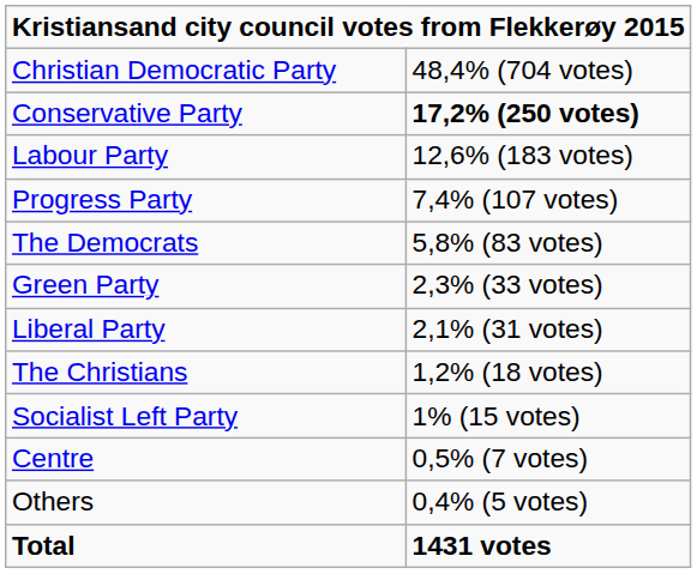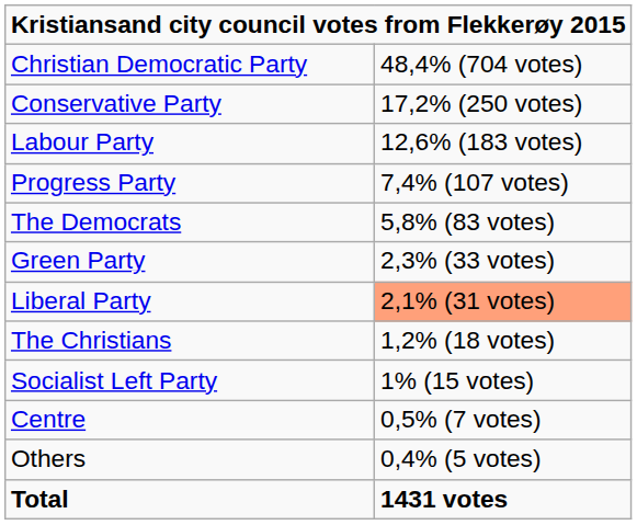 <table class="wikitable" style="center;">
 <tr>
 <td colspan="2"><strong>Kristiansand city council votes from Flekkerøy 2015</strong></td>
 </tr>
 <tr>
 <td><a href='#'>Christian Democratic Party</a></td>
 <td>48,4% (704 votes)</td>
 </tr>
 <tr>
 <td><a href='#'>Conservative Party</a></td>
-<td><strong>17,2% (250 votes)</strong></td>
+<td>17,2% (250 votes)</td>
 </tr>
 <tr>
 <td><a href='#'>Labour Party</a></td>
 <td>12,6% (183 votes)</td>
 </tr>
 <tr>
 <td><a href='#'>Progress Party</a></td>
 <td>7,4% (107 votes)</td>
 </tr>
 <tr>
 <td><a href='#'>The Democrats</a></td>
 <td>5,8% (83 votes)</td>
 </tr>
 <tr>
 <td><a href='#'>Green Party</a></td>
 <td>2,3% (33 votes)</td>
 </tr>
 <tr>
 <td><a href='#'>Liberal Party</a></td>
-<td>2,1% (31 votes)</td>
+<td style="background: lightsalmon;">2,1% (31 votes)</td>
 </tr>
 <tr>
 <td><a href='#'>The Christians</a></td>
 <td>1,2% (18 votes)</td>
 </tr>
 <tr>
 <td><a href='#'>Socialist Left Party</a></td>
 <td>1% (15 votes)</td>
 </tr>
 <tr>
 <td><a href='#'>Centre</a></td>
 <td>0,5% (7 votes)</td>
 </tr>
 <tr>
 <td>Others</td>
 <td>0,4% (5 votes)</td>
 </tr>
 <tr>
 <td><strong>Total</strong></td>
 <td><strong>1431 votes</strong></td>
 </tr>
 </table>
